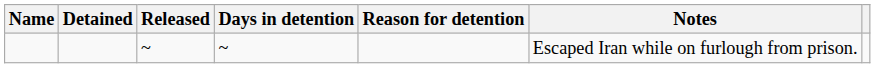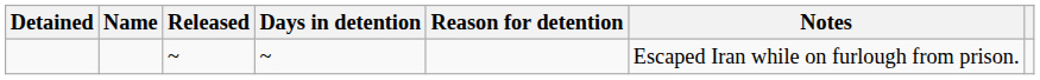 <table class="wikitable sortable">
 <tr>
+<th>Detained</th>
 <th>Name</th>
-<th>Detained</th>
 <th>Released</th>
 <th>Days in detention</th>
 <th>Reason for detention</th>
 <th>Notes</th>
 <th class="unsortable"></th>
 </tr>
 <tr>
 <td></td>
 <td></td>
 <td>~</td>
 <td>~</td>
 <td></td>
 <td>Escaped Iran while on furlough from prison.</td>
 <td align="center"></td>
 </tr>
 </table>
